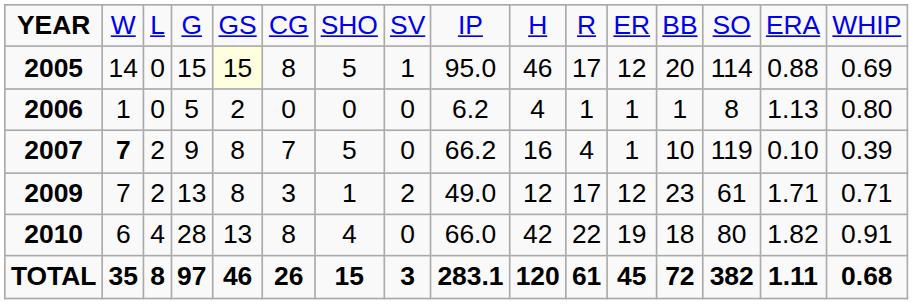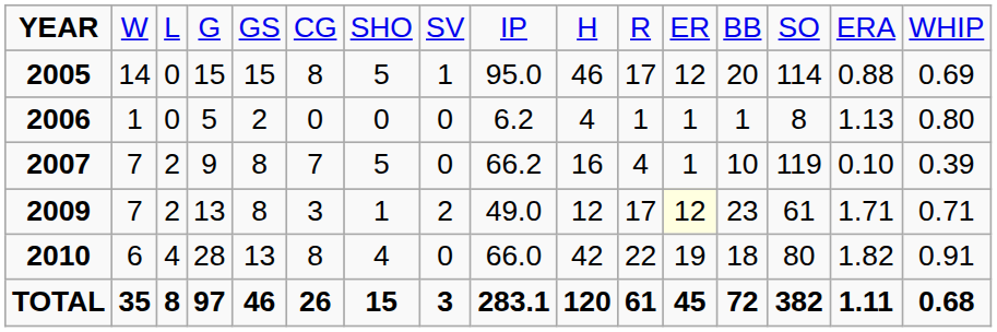 <table class="sortable wikitable" style="text-align:center;">
 <tr>
 <td><strong>YEAR</strong></td>
 <td><a href='#'>W</a></td>
 <td><a href='#'>L</a></td>
 <td><a href='#'>G</a></td>
 <td><a href='#'>GS</a></td>
 <td><a href='#'>CG</a></td>
 <td><a href='#'>SHO</a></td>
 <td><a href='#'>SV</a></td>
 <td><a href='#'>IP</a></td>
 <td><a href='#'>H</a></td>
 <td><a href='#'>R</a></td>
 <td><a href='#'>ER</a></td>
 <td><a href='#'>BB</a></td>
 <td><a href='#'>SO</a></td>
 <td><a href='#'>ERA</a></td>
 <td><a href='#'>WHIP</a></td>
 </tr>
 <tr>
 <td><strong>2005</strong></td>
 <td>14</td>
 <td>0</td>
 <td>15</td>
-<td style="background: lightyellow;">15</td>
+<td>15</td>
 <td>8</td>
 <td>5</td>
 <td>1</td>
 <td>95.0</td>
 <td>46</td>
 <td>17</td>
 <td>12</td>
 <td>20</td>
 <td>114</td>
 <td>0.88</td>
 <td>0.69</td>
 </tr>
 <tr>
 <td><strong>2006</strong></td>
 <td>1</td>
 <td>0</td>
 <td>5</td>
 <td>2</td>
 <td>0</td>
 <td>0</td>
 <td>0</td>
 <td>6.2</td>
 <td>4</td>
 <td>1</td>
 <td>1</td>
 <td>1</td>
 <td>8</td>
 <td>1.13</td>
 <td>0.80</td>
 </tr>
 <tr>
 <td><strong>2007</strong></td>
-<td><strong>7</strong></td>
+<td>7</td>
 <td>2</td>
 <td>9</td>
 <td>8</td>
 <td>7</td>
 <td>5</td>
 <td>0</td>
 <td>66.2</td>
 <td>16</td>
 <td>4</td>
 <td>1</td>
 <td>10</td>
 <td>119</td>
 <td>0.10</td>
 <td>0.39</td>
 </tr>
 <tr>
 <td><strong>2009</strong></td>
 <td>7</td>
 <td>2</td>
 <td>13</td>
 <td>8</td>
 <td>3</td>
 <td>1</td>
 <td>2</td>
 <td>49.0</td>
 <td>12</td>
 <td>17</td>
-<td>12</td>
+<td style="background: lightyellow;">12</td>
 <td>23</td>
 <td>61</td>
 <td>1.71</td>
 <td>0.71</td>
 </tr>
 <tr>
 <td><strong>2010</strong></td>
 <td>6</td>
 <td>4</td>
 <td>28</td>
 <td>13</td>
 <td>8</td>
 <td>4</td>
 <td>0</td>
 <td>66.0</td>
 <td>42</td>
 <td>22</td>
 <td>19</td>
 <td>18</td>
 <td>80</td>
 <td>1.82</td>
 <td>0.91</td>
 </tr>
 <tr>
 <td><strong>TOTAL</strong></td>
 <td><strong>35</strong></td>
 <td><strong>8</strong></td>
 <td><strong>97</strong></td>
 <td><strong>46</strong></td>
 <td><strong>26</strong></td>
 <td><strong>15</strong></td>
 <td><strong>3</strong></td>
 <td><strong>283.1</strong></td>
 <td><strong>120</strong></td>
 <td><strong>61</strong></td>
 <td><strong>45</strong></td>
 <td><strong>72</strong></td>
 <td><strong>382</strong></td>
 <td><strong>1.11</strong></td>
 <td><strong>0.68</strong></td>
 </tr>
 </table>
